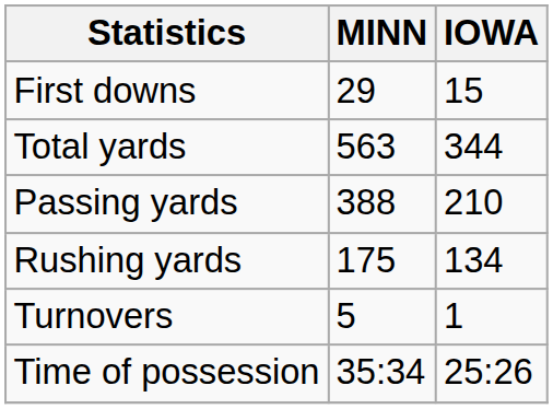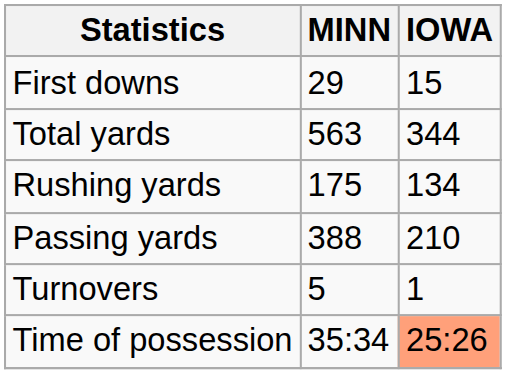 <table class="wikitable">
 <tr>
 <th>Statistics</th>
 <th>MINN</th>
 <th>IOWA</th>
 </tr>
 <tr>
 <td>First downs</td>
 <td>29</td>
 <td>15</td>
 </tr>
 <tr>
 <td>Total yards</td>
 <td>563</td>
 <td>344</td>
 </tr>
 <tr>
+<td>Rushing yards</td>
+<td>175</td>
+<td>134</td>
+</tr>
+<tr>
 <td>Passing yards</td>
 <td>388</td>
 <td>210</td>
-</tr>
-<tr>
-<td>Rushing yards</td>
-<td>175</td>
-<td>134</td>
 </tr>
 <tr>
 <td>Turnovers</td>
 <td>5</td>
 <td>1</td>
 </tr>
 <tr>
 <td>Time of possession</td>
 <td>35:34</td>
-<td>25:26</td>
+<td style="background: lightsalmon;">25:26</td>
 </tr>
 <tr>
 </tr>
 </table>
